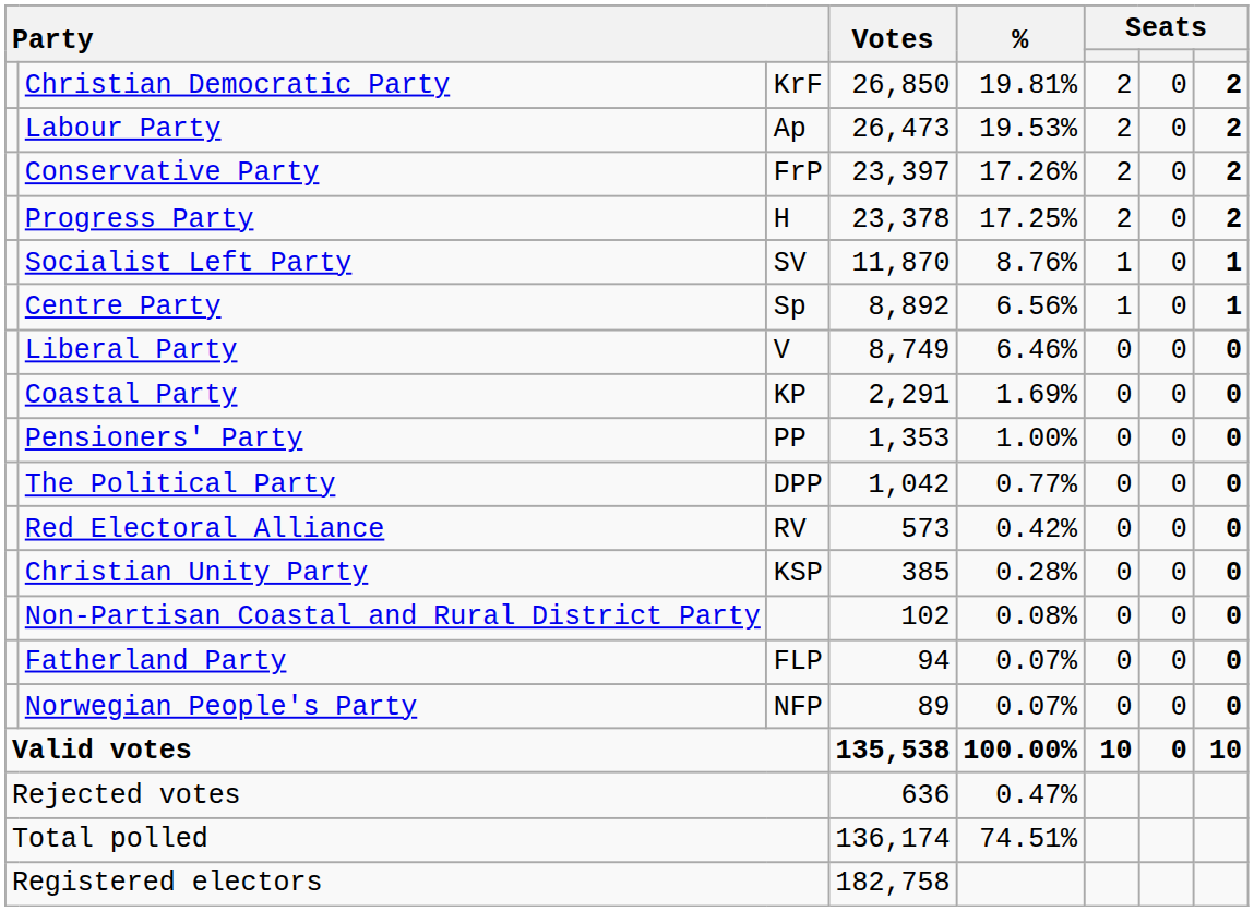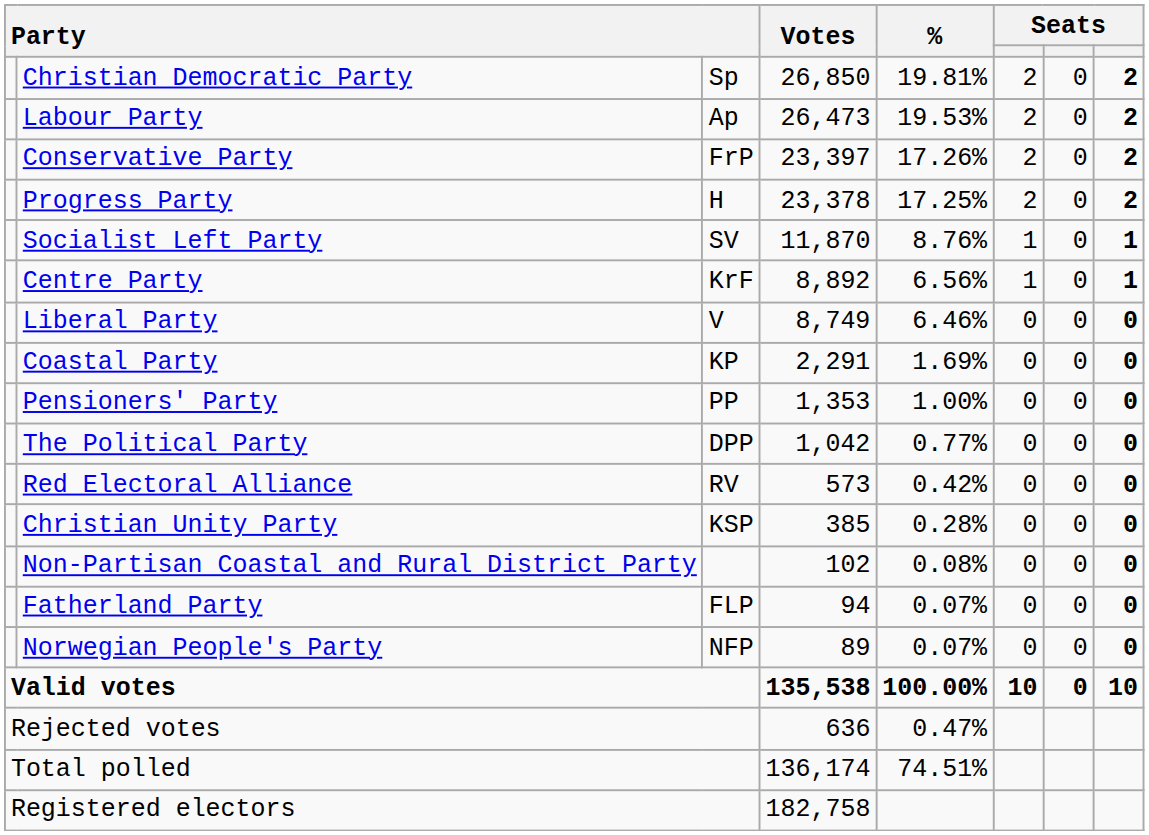 <table class="wikitable" border="1" style="text-align:right;">
 <tr>
 <th style="text-align:left;" valign=bottom rowspan=2 colspan=3>Party</th>
 <th align=center valign=bottom rowspan=2 width="50">Votes</th>
 <th align=center valign=bottom rowspan=2 width="50">%</th>
 <th colspan=3>Seats</th>
 </tr>
 <tr>
 <th align=center valign=bottom width="20"><small></small></th>
 <th align=center valign=bottom width="20"><small><a href='#'></a></small></th>
 <th align=center valign=bottom width="20"><small></small></th>
 </tr>
 <tr>
 <td style="color:inherit;background:"></td>
 <td align=left><a href='#'>Christian Democratic Party</a></td>
-<td align=left>KrF</td>
+<td align=left>Sp</td>
 <td>26,850</td>
 <td>19.81%</td>
 <td>2</td>
 <td>0</td>
 <td><strong>2</strong></td>
 </tr>
 <tr>
 <td style="color:inherit;background:"></td>
 <td align=left><a href='#'>Labour Party</a></td>
 <td align=left>Ap</td>
 <td>26,473</td>
 <td>19.53%</td>
 <td>2</td>
 <td>0</td>
 <td><strong>2</strong></td>
 </tr>
 <tr>
 <td style="color:inherit;background:"></td>
 <td align=left><a href='#'>Conservative Party</a></td>
 <td align=left>FrP</td>
 <td>23,397</td>
 <td>17.26%</td>
 <td>2</td>
 <td>0</td>
 <td><strong>2</strong></td>
 </tr>
 <tr>
 <td style="color:inherit;background:"></td>
 <td align=left><a href='#'>Progress Party</a></td>
 <td align=left>H</td>
 <td>23,378</td>
 <td>17.25%</td>
 <td>2</td>
 <td>0</td>
 <td><strong>2</strong></td>
 </tr>
 <tr>
 <td style="color:inherit;background:"></td>
 <td align=left><a href='#'>Socialist Left Party</a></td>
 <td align=left>SV</td>
 <td>11,870</td>
 <td>8.76%</td>
 <td>1</td>
 <td>0</td>
 <td><strong>1</strong></td>
 </tr>
 <tr>
 <td style="color:inherit;background:"></td>
 <td align=left><a href='#'>Centre Party</a></td>
-<td align=left>Sp</td>
+<td align=left>KrF</td>
 <td>8,892</td>
 <td>6.56%</td>
 <td>1</td>
 <td>0</td>
 <td><strong>1</strong></td>
 </tr>
 <tr>
 <td style="color:inherit;background:"></td>
 <td align=left><a href='#'>Liberal Party</a></td>
 <td align=left>V</td>
 <td>8,749</td>
 <td>6.46%</td>
 <td>0</td>
 <td>0</td>
 <td><strong>0</strong></td>
 </tr>
 <tr>
 <td style="color:inherit;background:"></td>
 <td align=left><a href='#'>Coastal Party</a></td>
 <td align=left>KP</td>
 <td>2,291</td>
 <td>1.69%</td>
 <td>0</td>
 <td>0</td>
 <td><strong>0</strong></td>
 </tr>
 <tr>
 <td style="color:inherit;background:"></td>
 <td align=left><a href='#'>Pensioners' Party</a></td>
 <td align=left>PP</td>
 <td>1,353</td>
 <td>1.00%</td>
 <td>0</td>
 <td>0</td>
 <td><strong>0</strong></td>
 </tr>
 <tr>
 <td style="color:inherit;background:"></td>
 <td align=left><a href='#'>The Political Party</a></td>
 <td align=left>DPP</td>
 <td>1,042</td>
 <td>0.77%</td>
 <td>0</td>
 <td>0</td>
 <td><strong>0</strong></td>
 </tr>
 <tr>
 <td style="color:inherit;background:"></td>
 <td align=left><a href='#'>Red Electoral Alliance</a></td>
 <td align=left>RV</td>
 <td>573</td>
 <td>0.42%</td>
 <td>0</td>
 <td>0</td>
 <td><strong>0</strong></td>
 </tr>
 <tr>
 <td style="color:inherit;background:"></td>
 <td align=left><a href='#'>Christian Unity Party</a></td>
 <td align=left>KSP</td>
 <td>385</td>
 <td>0.28%</td>
 <td>0</td>
 <td>0</td>
 <td><strong>0</strong></td>
 </tr>
 <tr>
 <td></td>
 <td align=left><a href='#'>Non-Partisan Coastal and Rural District Party</a></td>
 <td align=left></td>
 <td>102</td>
 <td>0.08%</td>
 <td>0</td>
 <td>0</td>
 <td><strong>0</strong></td>
 </tr>
 <tr>
 <td style="color:inherit;background:"></td>
 <td align=left><a href='#'>Fatherland Party</a></td>
 <td align=left>FLP</td>
 <td>94</td>
 <td>0.07%</td>
 <td>0</td>
 <td>0</td>
 <td><strong>0</strong></td>
 </tr>
 <tr>
 <td style="color:inherit;background:"></td>
 <td align=left><a href='#'>Norwegian People's Party</a></td>
 <td align=left>NFP</td>
 <td>89</td>
 <td>0.07%</td>
 <td>0</td>
 <td>0</td>
 <td><strong>0</strong></td>
 </tr>
 <tr style="font-weight:bold">
 <td align=left colspan=3>Valid votes</td>
 <td>135,538</td>
 <td>100.00%</td>
 <td>10</td>
 <td>0</td>
 <td>10</td>
 </tr>
 <tr>
 <td align=left colspan=3>Rejected votes</td>
 <td>636</td>
 <td>0.47%</td>
 <td></td>
 <td></td>
 <td></td>
 </tr>
 <tr>
 <td align=left colspan=3>Total polled</td>
 <td>136,174</td>
 <td>74.51%</td>
 <td></td>
 <td></td>
 <td></td>
 </tr>
 <tr>
 <td align=left colspan=3>Registered electors</td>
 <td>182,758</td>
 <td></td>
 <td></td>
 <td></td>
 <td></td>
 </tr>
 </table>
